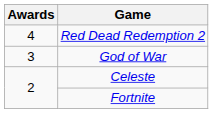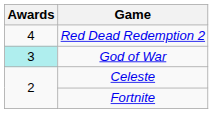 <table class="wikitable floatleft" rowspan="2" style="text-align:center;">
 <tr>
 <th style="width:55px;">Awards</th>
 <th style="text-align:center;">Game</th>
 </tr>
 <tr>
 <td>4</td>
 <td><em><a href='#'>Red Dead Redemption 2</a></em></td>
 </tr>
 <tr>
-<td>3</td>
+<td style="background: paleturquoise;">3</td>
 <td><em><a href='#'>God of War</a></em></td>
 </tr>
 <tr>
 <td rowspan="2">2</td>
 <td><em><a href='#'>Celeste</a></em></td>
 </tr>
 <tr>
 <td><em><a href='#'>Fortnite</a></em></td>
 </tr>
 </table>
